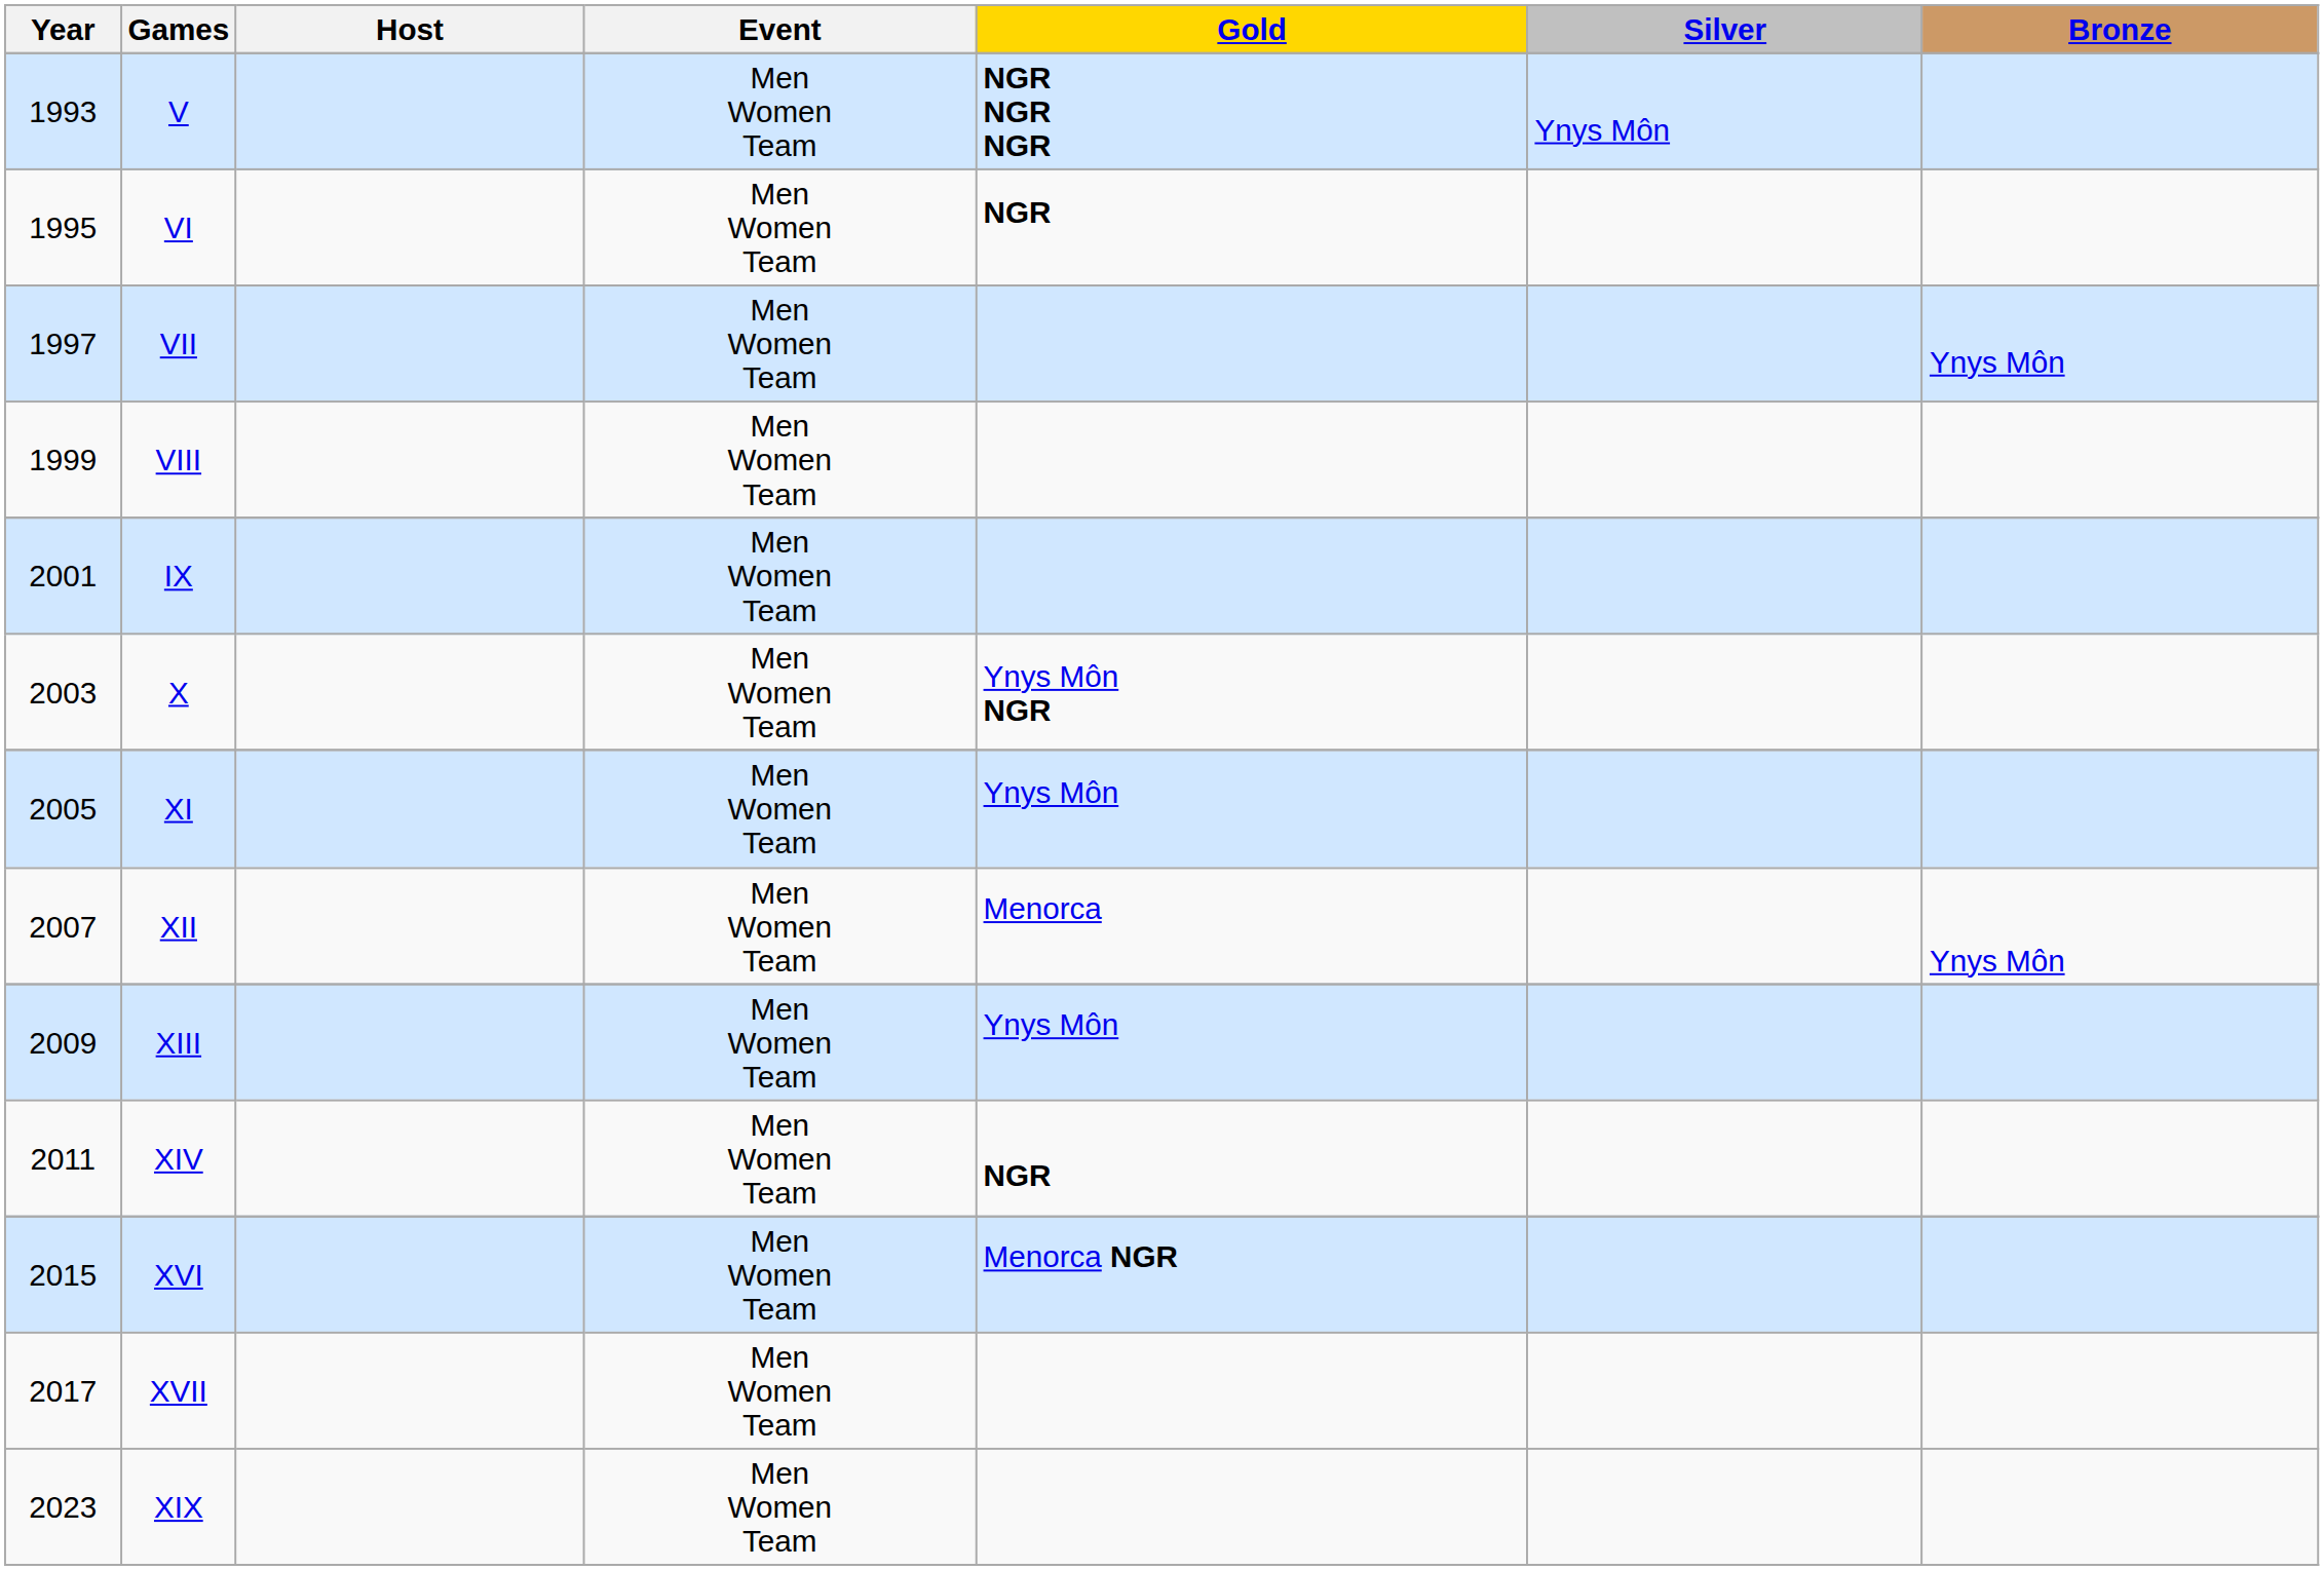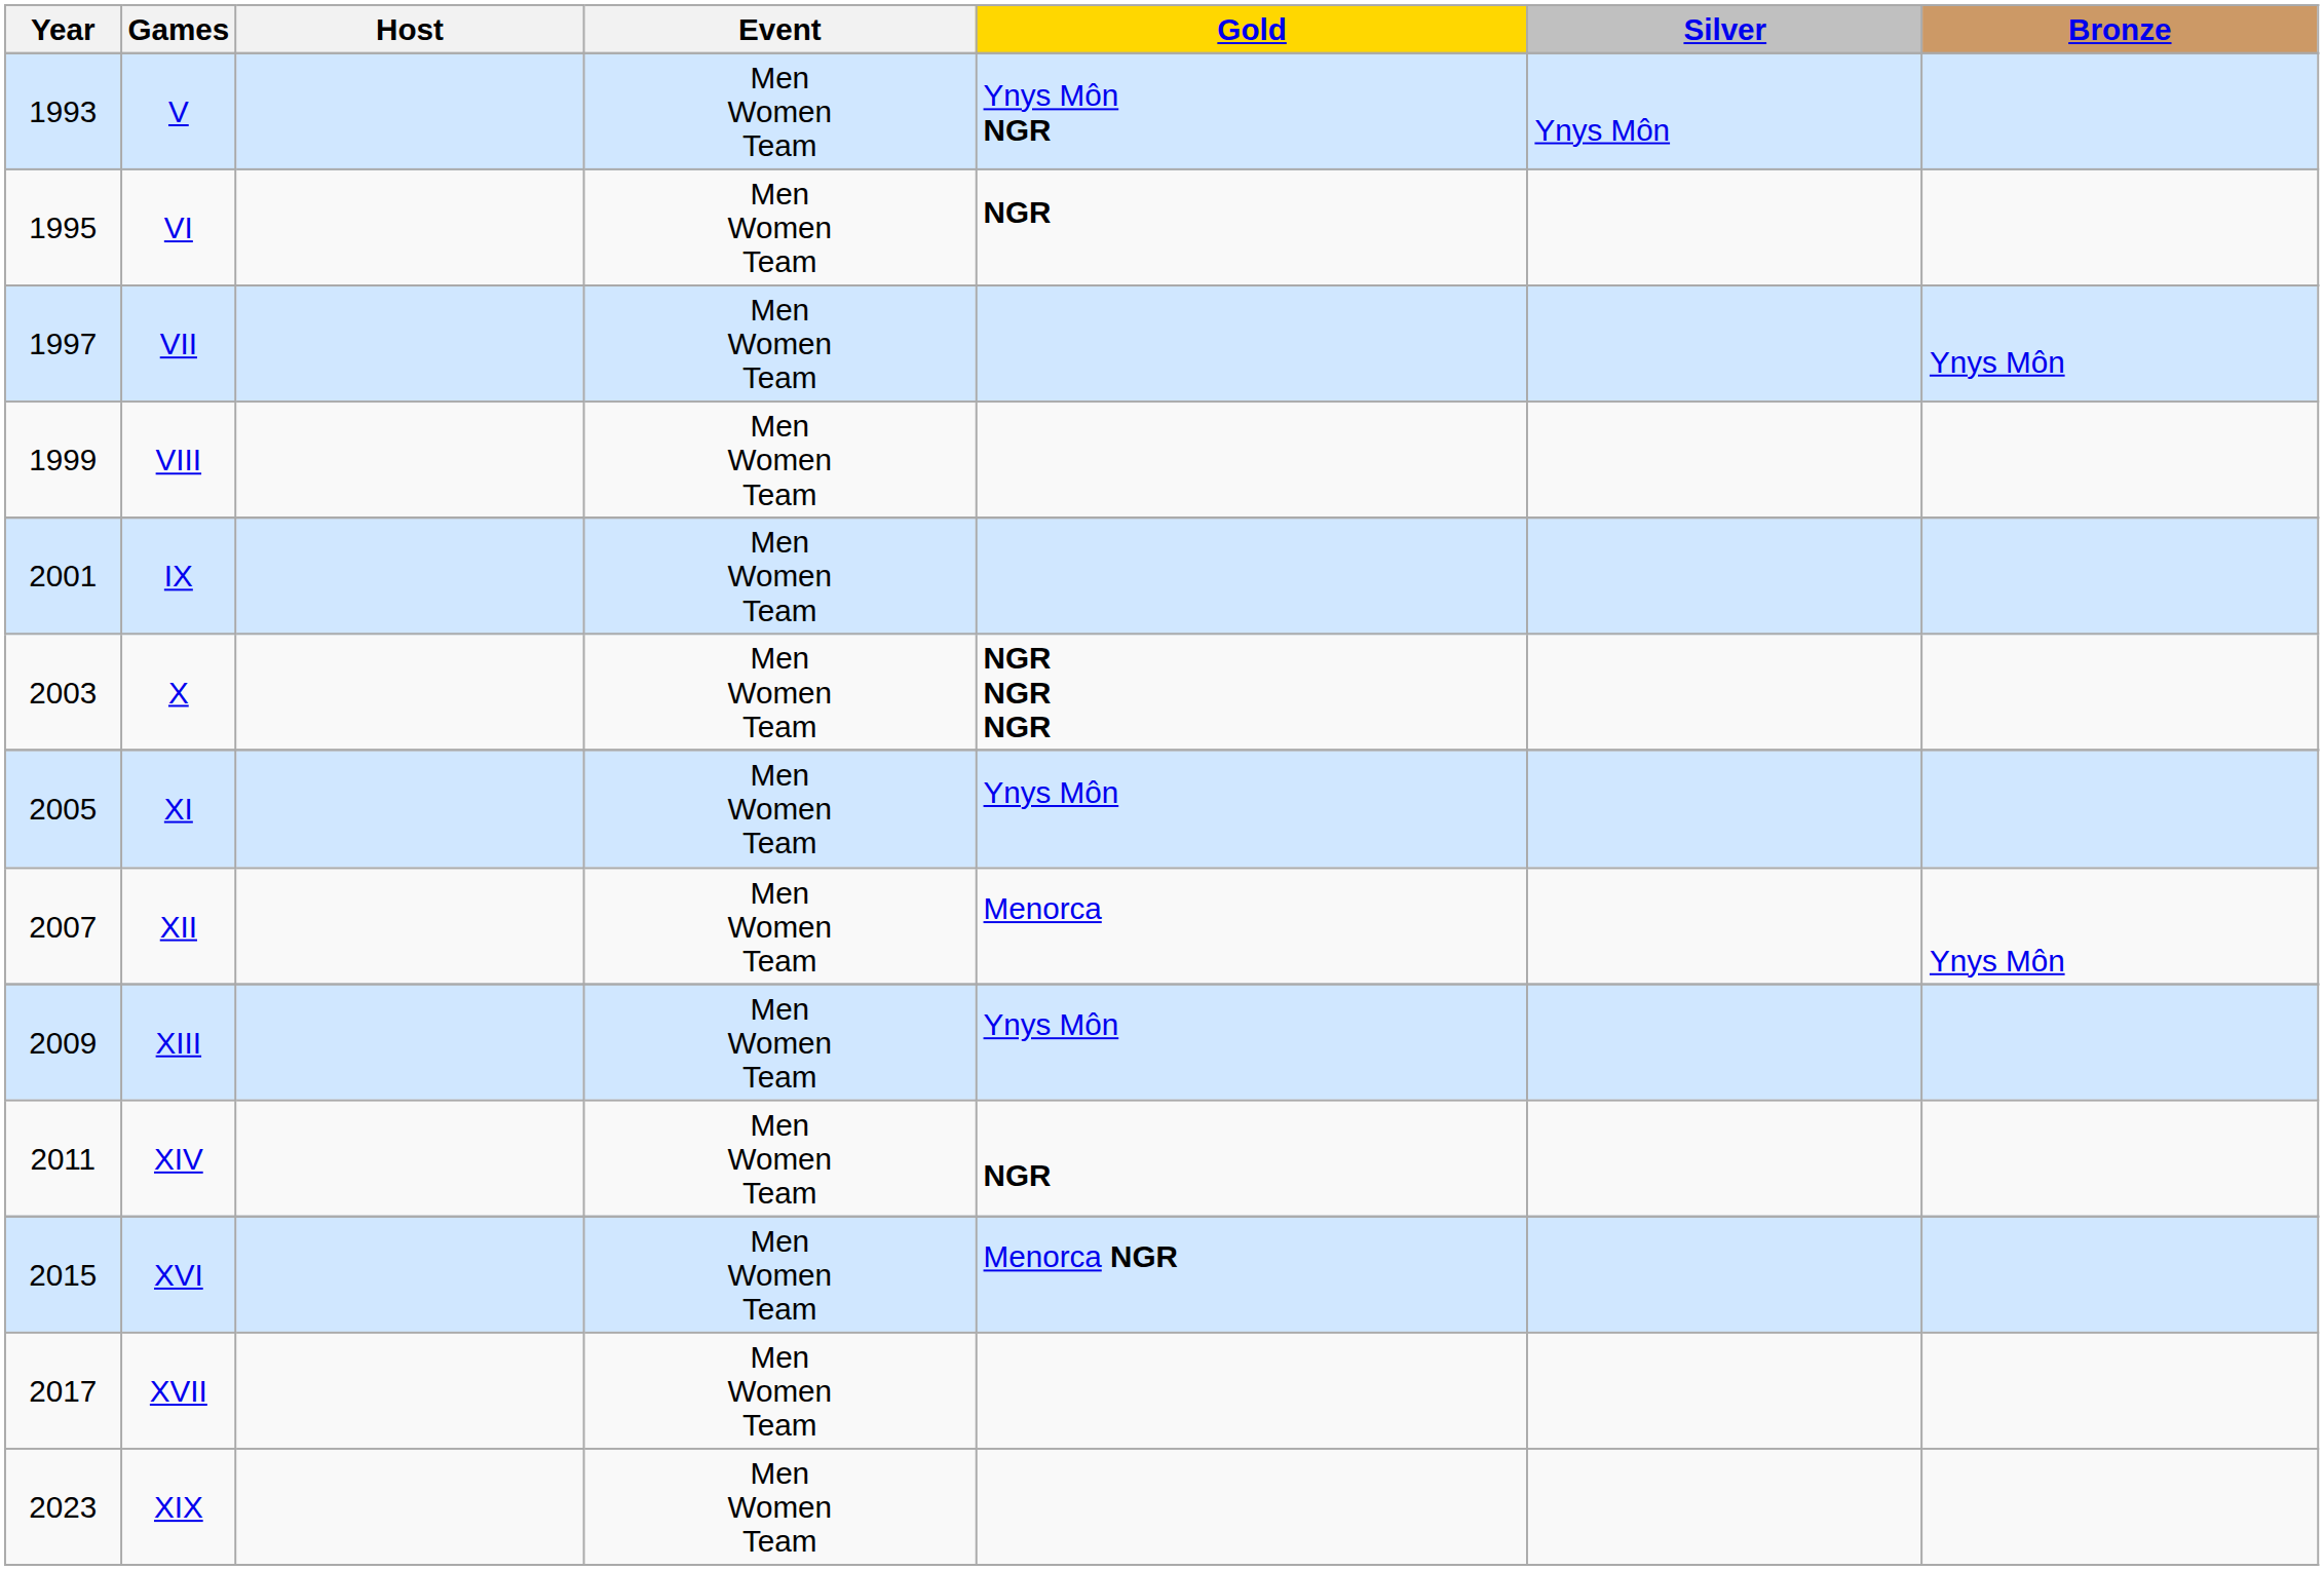 <table class="wikitable" style="text-align: center; font-size:95%;">
 <tr>
 <th rowspan="2" style="width:5%;">Year</th>
 <th rowspan="2" style="width:5%;">Games</th>
 <th rowspan="2" style="width:15%;">Host</th>
 <th rowspan="2" style="width:17%;">Event</th>
 </tr>
 <tr>
 <th style="background-color: gold"><a href='#'>Gold</a></th>
 <th style="background-color: silver"><a href='#'>Silver</a></th>
 <th style="background-color: #CC9966"><a href='#'>Bronze</a></th>
 </tr>
 <tr>
 </tr>
 <tr>
 </tr>
 <tr style="text-align:center; background:#d0e7ff;">
 <td>1993</td>
 <td align=center><a href='#'>V</a></td>
 <td align="left"></td>
 <td>Men <br> Women <br> Team</td>
-<td align="left"> <strong>NGR</strong> <br>  <strong>NGR</strong> <br>  <strong>NGR</strong></td>
+<td align="left"> <a href='#'>Ynys Môn</a> <br>  <strong>NGR</strong> <br>  </td>
 <td align="left"> <br>  <a href='#'>Ynys Môn</a> <br> </td>
 <td align="left"> <br>  <br> </td>
 </tr>
 <tr>
 <td>1995</td>
 <td align=center><a href='#'>VI</a></td>
 <td align="left"></td>
 <td>Men <br> Women <br> Team</td>
 <td align="left"> <strong>NGR</strong> <br>  <br> </td>
 <td align="left"> <br>  <br> </td>
 <td align="left"> <br>  <br> </td>
 </tr>
 <tr>
 </tr>
 <tr style="text-align:center; background:#d0e7ff;">
 <td>1997</td>
 <td align=center><a href='#'>VII</a></td>
 <td align="left"></td>
 <td>Men <br> Women <br> Team</td>
 <td align="left"> <br>  <br> </td>
 <td align="left"> <br>  <br> </td>
 <td align="left"> <br>   <a href='#'>Ynys Môn</a> <br> </td>
 </tr>
 <tr>
 <td>1999</td>
 <td align=center><a href='#'>VIII</a></td>
 <td align="left"></td>
 <td>Men <br> Women <br> Team</td>
 <td align="left"> <br>  <br> </td>
 <td align="left"> <br>  <br> </td>
 <td align="left"> <br>  <br> </td>
 </tr>
 <tr>
 </tr>
 <tr style="text-align:center; background:#d0e7ff;">
 <td>2001</td>
 <td align=center><a href='#'>IX</a></td>
 <td align="left"></td>
 <td>Men <br> Women <br> Team</td>
 <td align="left"> <br>  <br>  </td>
 <td align="left"> <br>  <br> </td>
 <td align="left"> <br>  <br> </td>
 </tr>
 <tr>
 <td>2003</td>
 <td align=center><a href='#'>X</a></td>
 <td align="left"></td>
 <td>Men <br> Women <br> Team</td>
-<td align="left"> <a href='#'>Ynys Môn</a> <br>  <strong>NGR</strong> <br>  </td>
+<td align="left"> <strong>NGR</strong> <br>  <strong>NGR</strong> <br>  <strong>NGR</strong></td>
 <td align="left"> <br>  <br> </td>
 <td align="left"> <br>  <br> </td>
 </tr>
 <tr>
 </tr>
 <tr style="text-align:center; background:#d0e7ff;">
 <td>2005</td>
 <td align=center><a href='#'>XI</a></td>
 <td align="left"></td>
 <td>Men <br> Women <br> Team</td>
 <td align="left"> <a href='#'>Ynys Môn</a> <br>  <br> </td>
 <td align="left"> <br>  <br> </td>
 <td align="left"> <br>  <br> </td>
 </tr>
 <tr>
 <td>2007</td>
 <td align=center><a href='#'>XII</a></td>
 <td align="left"></td>
 <td>Men <br> Women <br> Team</td>
 <td align="left"> <a href='#'>Menorca</a> <br>  <br> </td>
 <td align="left"> <br>  <br> </td>
 <td align="left"> <br>  <br>  <a href='#'>Ynys Môn</a></td>
 </tr>
 <tr>
 </tr>
 <tr style="text-align:center; background:#d0e7ff;">
 <td>2009</td>
 <td align=center><a href='#'>XIII</a></td>
 <td align="left"></td>
 <td>Men <br> Women <br> Team</td>
 <td align="left"> <a href='#'>Ynys Môn</a> <br>  <br> </td>
 <td align="left"> <br>  <br> </td>
 <td align="left"> <br>  <br> </td>
 </tr>
 <tr>
 <td>2011</td>
 <td align=center><a href='#'>XIV</a></td>
 <td align="left"></td>
 <td>Men <br> Women <br> Team</td>
 <td align="left"> <br>  <strong>NGR</strong> <br> </td>
 <td align="left"> <br>  <br> </td>
 <td align="left"> <br>  <br> </td>
 </tr>
 <tr>
 </tr>
 <tr style="text-align:center; background:#d0e7ff;">
 <td>2015</td>
 <td align=center><a href='#'>XVI</a></td>
 <td align="left"></td>
 <td>Men <br> Women <br> Team</td>
 <td align="left"> <a href='#'>Menorca</a> <strong>NGR</strong> <br>  <br> </td>
 <td align="left"> <br>  <br> </td>
 <td align="left"> <br>  <br> </td>
 </tr>
 <tr>
 <td>2017</td>
 <td align=center><a href='#'>XVII</a></td>
 <td align="left"></td>
 <td>Men <br> Women <br> Team</td>
 <td align="left"> <br>  <br> </td>
 <td align="left"> <br>  <br> </td>
 <td align="left"> <br>  <br> </td>
 </tr>
 <tr>
 <td>2023</td>
 <td align=center><a href='#'>XIX</a></td>
 <td align="left"></td>
 <td>Men <br> Women <br> Team</td>
 <td align="left"> <br>  <br> </td>
 <td align="left"> <br>  <br> </td>
 <td align="left"> <br>  <br> </td>
 </tr>
 <tr>
 </tr>
 </table>
